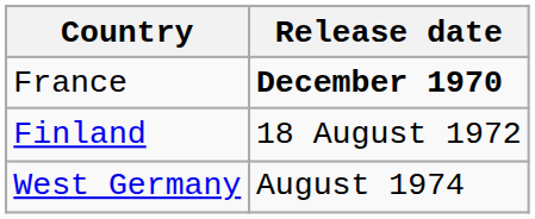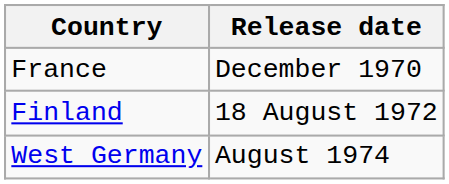 <table class="wikitable">
 <tr>
 <th>Country</th>
 <th>Release date</th>
 </tr>
 <tr>
 <td>France</td>
-<td><strong>December 1970</strong></td>
+<td>December 1970</td>
 </tr>
 <tr>
 <td><a href='#'>Finland</a></td>
 <td>18 August 1972</td>
 </tr>
 <tr>
 <td><a href='#'>West Germany</a></td>
 <td>August 1974</td>
 </tr>
 </table>
